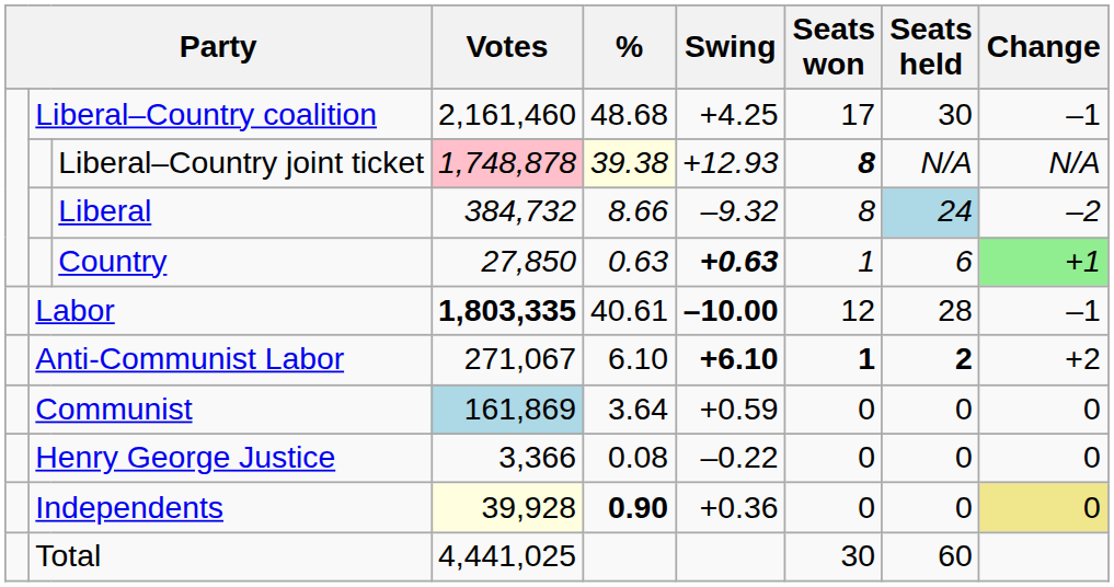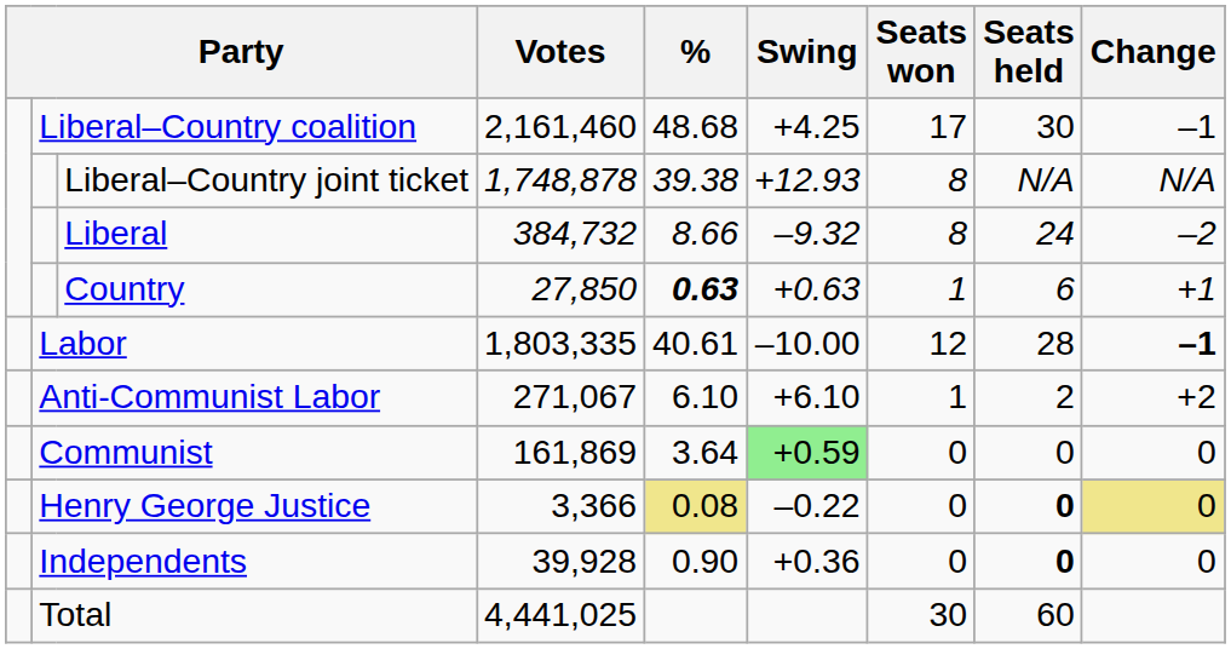 <table class="wikitable">
 <tr>
 <th colspan=3 style="width:180px">Party</th>
 <th style="width:70px">Votes</th>
 <th style="width:40px">%</th>
 <th style="width:40px">Swing</th>
 <th style="width:40px">Seats won</th>
 <th style="width:40px">Seats held</th>
 <th style="width:40px">Change</th>
 </tr>
 <tr>
 <td rowspan=4> </td>
 <td colspan=2><a href='#'>Liberal–Country coalition</a></td>
 <td align=right>2,161,460</td>
 <td align=right>48.68</td>
 <td align=right>+4.25</td>
 <td align=right>17</td>
 <td align=right>30</td>
 <td align=right>–1</td>
 </tr>
 <tr>
 <td> </td>
 <td>Liberal–Country joint ticket</td>
-<td align=right style="background: pink;"><em>1,748,878</em></td>
-<td align=right style="background: lightyellow;"><em>39.38</em></td>
+<td align=right><em>1,748,878</em></td>
+<td align=right><em>39.38</em></td>
 <td align=right><em>+12.93</em></td>
-<td align=right><strong><em>8</em></strong></td>
+<td align=right><em>8</em></td>
 <td align=right><em>N/A</em></td>
 <td align=right><em>N/A</em></td>
 </tr>
 <tr>
 <td> </td>
 <td><a href='#'>Liberal</a></td>
 <td align=right><em>384,732</em></td>
 <td align=right><em>8.66</em></td>
 <td align=right><em>–9.32</em></td>
 <td align=right><em>8</em></td>
-<td align=right style="background: lightblue;"><em>24</em></td>
+<td align=right><em>24</em></td>
 <td align=right><em>–2</em></td>
 </tr>
 <tr>
 <td> </td>
 <td><a href='#'>Country</a></td>
 <td align=right><em>27,850</em></td>
-<td align=right><em>0.63</em></td>
-<td align=right><strong><em>+0.63</em></strong></td>
+<td align=right><strong><em>0.63</em></strong></td>
+<td align=right><em>+0.63</em></td>
 <td align=right><em>1</em></td>
 <td align=right><em>6</em></td>
-<td align=right style="background: lightgreen;"><em>+1</em></td>
+<td align=right><em>+1</em></td>
 </tr>
 <tr>
 <td> </td>
 <td colspan=2><a href='#'>Labor</a></td>
-<td align=right><strong>1,803,335</strong></td>
+<td align=right>1,803,335</td>
 <td align=right>40.61</td>
-<td align=right><strong>–10.00</strong></td>
+<td align=right>–10.00</td>
 <td align=right>12</td>
 <td align=right>28</td>
-<td align=right>–1</td>
+<td align=right><strong>–1</strong></td>
 </tr>
 <tr>
 <td> </td>
 <td colspan=2><a href='#'>Anti-Communist Labor</a></td>
 <td align=right>271,067</td>
 <td align=right>6.10</td>
-<td align=right><strong>+6.10</strong></td>
-<td align=right><strong>1</strong></td>
-<td align=right><strong>2</strong></td>
+<td align=right>+6.10</td>
+<td align=right>1</td>
+<td align=right>2</td>
 <td align=right>+2</td>
 </tr>
 <tr>
 <td> </td>
 <td colspan=2><a href='#'>Communist</a></td>
-<td align=right style="background: lightblue;">161,869</td>
+<td align=right>161,869</td>
 <td align=right>3.64</td>
-<td align=right>+0.59</td>
+<td align=right style="background: lightgreen;">+0.59</td>
 <td align=right>0</td>
 <td align=right>0</td>
 <td align=right>0</td>
 </tr>
 <tr>
 <td> </td>
 <td colspan=2><a href='#'>Henry George Justice</a></td>
 <td align=right>3,366</td>
-<td align=right>0.08</td>
+<td align=right style="background: khaki;">0.08</td>
 <td align=right>–0.22</td>
 <td align=right>0</td>
-<td align=right>0</td>
-<td align=right>0</td>
+<td align=right><strong>0</strong></td>
+<td align=right style="background: khaki;">0</td>
 </tr>
 <tr>
 <td> </td>
 <td colspan=2><a href='#'>Independents</a></td>
-<td align=right style="background: lightyellow;">39,928</td>
-<td align=right><strong>0.90</strong></td>
+<td align=right>39,928</td>
+<td align=right>0.90</td>
 <td align=right>+0.36</td>
 <td align=right>0</td>
+<td align=right><strong>0</strong></td>
 <td align=right>0</td>
-<td align=right style="background: khaki;">0</td>
 </tr>
 <tr>
 <td> </td>
 <td colspan=2>Total</td>
 <td align=right>4,441,025</td>
 <td align=right> </td>
 <td align=right> </td>
 <td align=right>30</td>
 <td align=right>60</td>
 </tr>
 </table>
